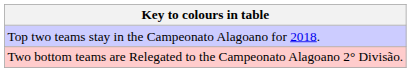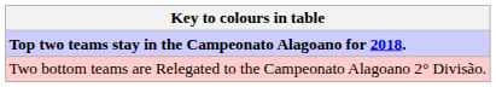 <table class="wikitable">
 <tr>
 <th>Key to colours in table</th>
 </tr>
 <tr bgcolor=#ccccff>
-<td>Top two teams stay in the Campeonato Alagoano for <a href='#'>2018</a>.</td>
+<td><strong>Top two teams stay in the Campeonato Alagoano for <a href='#'>2018</a>.</strong></td>
 </tr>
 <tr bgcolor=#FFCCCC>
 <td>Two bottom teams are Relegated to the Campeonato Alagoano 2° Divisão.</td>
 </tr>
 </table>
